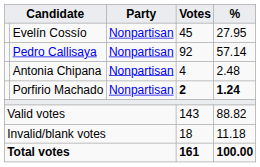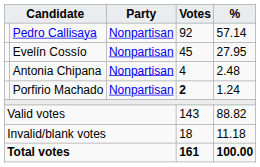 <table class="wikitable sortable">
 <tr>
 <th style="background-color:#EAECF0;" colspan=2>Candidate</th>
 <th style="background-color:#EAECF0;">Party</th>
 <th style="background-color:#EAECF0;">Votes</th>
 <th style="background-color:#EAECF0;">%</th>
 </tr>
 <tr>
 <td style="background-color:"></td>
+<td><a href='#'>Pedro Callisaya</a></td>
+<td><a href='#'>Nonpartisan</a></td>
+<td>92</td>
+<td>57.14</td>
+</tr>
+<tr>
+<td style="background-color:"></td>
 <td>Evelín Cossío</td>
 <td><a href='#'>Nonpartisan</a></td>
 <td>45</td>
 <td>27.95</td>
-</tr>
-<tr>
-<td style="background-color:"></td>
-<td><a href='#'>Pedro Callisaya</a></td>
-<td><a href='#'>Nonpartisan</a></td>
-<td>92</td>
-<td>57.14</td>
 </tr>
 <tr>
 <td style="background-color:"></td>
 <td>Antonia Chipana</td>
 <td><a href='#'>Nonpartisan</a></td>
 <td>4</td>
 <td>2.48</td>
 </tr>
 <tr>
 <td style="background-color:"></td>
 <td>Porfirio Machado</td>
 <td><a href='#'>Nonpartisan</a></td>
 <td><strong>2</strong></td>
-<td><strong>1.24</strong></td>
+<td>1.24</td>
 </tr>
 <tr class="sortbottom">
 <th style="background-color:#EAECF0;" colspan=5></th>
 </tr>
 <tr class="sortbottom">
 <td colspan=3>Valid votes</td>
 <td>143</td>
 <td>88.82</td>
 </tr>
 <tr class="sortbottom">
 <td colspan=3>Invalid/blank votes</td>
 <td>18</td>
 <td>11.18</td>
 </tr>
 <tr class="sortbottom">
 <td colspan=3><strong>Total votes</strong></td>
 <td><strong>161</strong></td>
 <td><strong>100.00</strong></td>
 </tr>
 </table>
